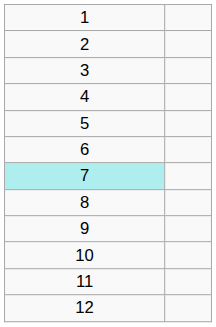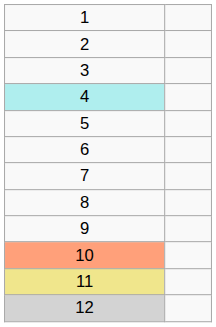 <table class="wikitable" width="200px">
 <tr>
 <td align=center>1</td>
 <td></td>
 </tr>
 <tr>
 <td align=center>2</td>
 <td></td>
 </tr>
 <tr>
 <td align=center>3</td>
 <td></td>
 </tr>
 <tr>
-<td align=center>4</td>
+<td align=center style="background: paleturquoise;">4</td>
 <td></td>
 </tr>
 <tr>
 <td align=center>5</td>
 <td></td>
 </tr>
 <tr>
 <td align=center>6</td>
 <td></td>
 </tr>
 <tr>
-<td align=center style="background: paleturquoise;">7</td>
+<td align=center>7</td>
 <td></td>
 </tr>
 <tr>
 <td align=center>8</td>
 <td></td>
 </tr>
 <tr>
 <td align=center>9</td>
 <td></td>
 </tr>
 <tr>
-<td align=center>10</td>
+<td align=center style="background: lightsalmon;">10</td>
 <td></td>
 </tr>
 <tr>
-<td align=center>11</td>
+<td align=center style="background: khaki;">11</td>
 <td></td>
 </tr>
 <tr>
-<td align=center>12</td>
+<td align=center style="background: lightgrey;">12</td>
 <td></td>
 </tr>
 </table>
